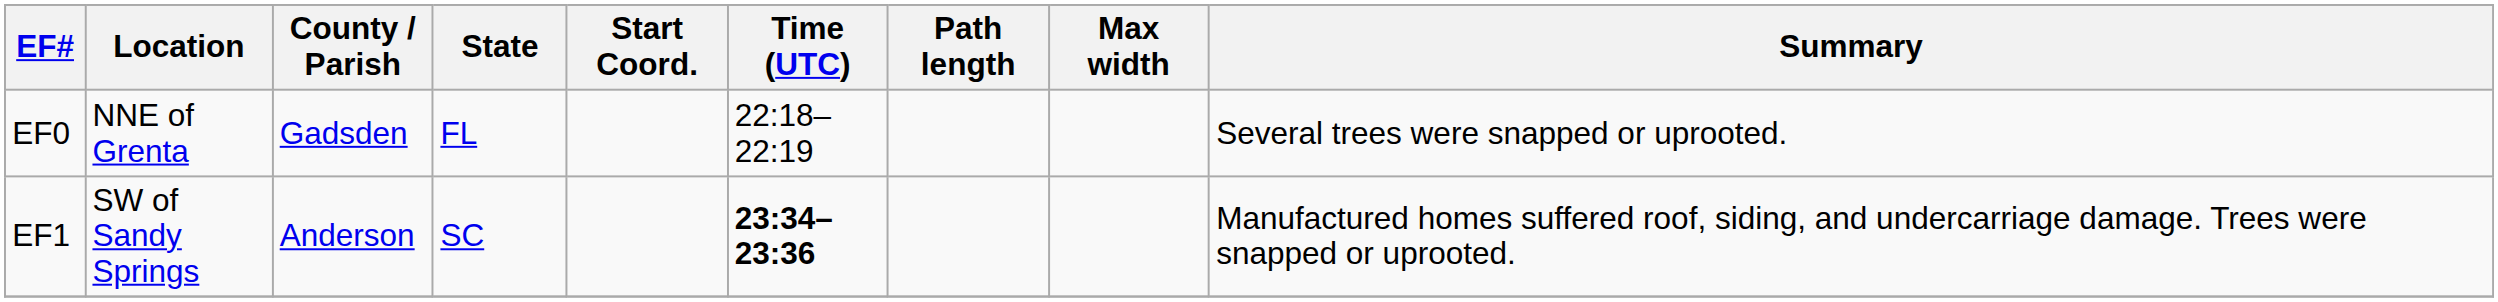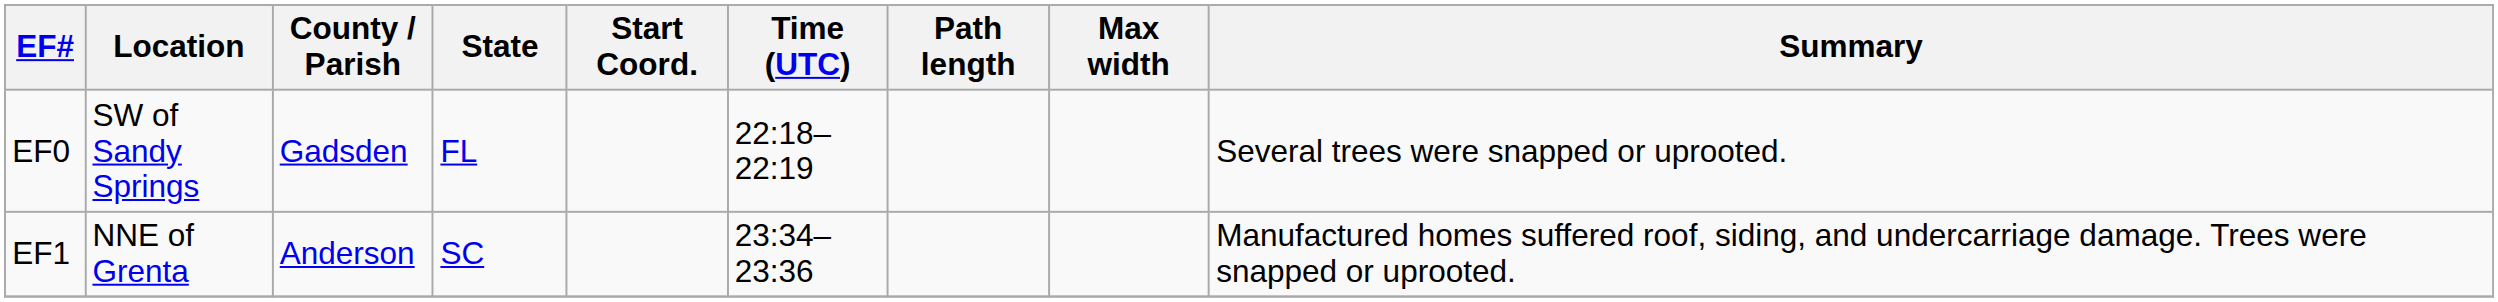 <table class="wikitable sortable" style="width:100%;">
 <tr>
 <th scope="col"  style="width:3%; text-align:center;"><a href='#'>EF#</a></th>
 <th scope="col"  style="width:7%; text-align:center;" class="unsortable">Location</th>
 <th scope="col"  style="width:6%; text-align:center;" class="unsortable">County / Parish</th>
 <th scope="col"  style="width:5%; text-align:center;">State</th>
 <th scope="col"  style="width:6%; text-align:center;">Start Coord.</th>
 <th scope="col"  style="width:6%; text-align:center;">Time (<a href='#'>UTC</a>)</th>
 <th scope="col"  style="width:6%; text-align:center;">Path length</th>
 <th scope="col"  style="width:6%; text-align:center;">Max width</th>
 <th scope="col" class="unsortable" style="width:48%; text-align:center;">Summary</th>
 </tr>
 <tr>
 <td>EF0</td>
-<td>NNE of <a href='#'>Grenta</a></td>
+<td>SW of <a href='#'>Sandy Springs</a></td>
 <td><a href='#'>Gadsden</a></td>
 <td><a href='#'>FL</a></td>
 <td></td>
 <td>22:18–22:19</td>
 <td></td>
 <td></td>
 <td>Several trees were snapped or uprooted.</td>
 </tr>
 <tr>
 <td>EF1</td>
-<td>SW of <a href='#'>Sandy Springs</a></td>
+<td>NNE of <a href='#'>Grenta</a></td>
 <td><a href='#'>Anderson</a></td>
 <td><a href='#'>SC</a></td>
 <td></td>
-<td><strong>23:34–23:36</strong></td>
+<td>23:34–23:36</td>
 <td></td>
 <td></td>
 <td>Manufactured homes suffered roof, siding, and undercarriage damage. Trees were snapped or uprooted.</td>
 </tr>
 <tr>
 </tr>
 </table>
